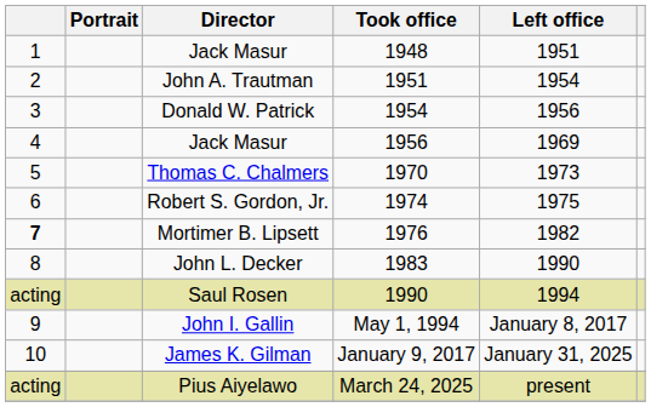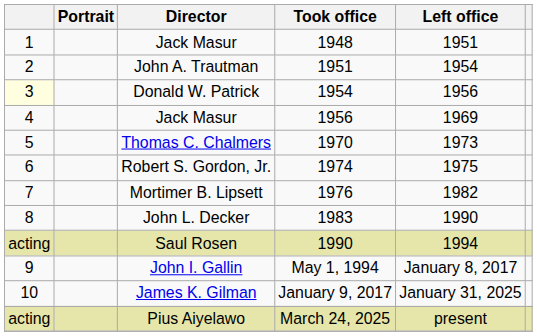 <table class=wikitable style="text-align:center">
 <tr>
 <th></th>
 <th>Portrait</th>
 <th>Director</th>
 <th>Took office</th>
 <th>Left office</th>
 <th></th>
 </tr>
 <tr>
 <td>1</td>
 <td></td>
 <td>Jack Masur</td>
 <td>1948</td>
 <td>1951</td>
 <td></td>
 </tr>
 <tr>
 <td>2</td>
 <td></td>
 <td>John A. Trautman</td>
 <td>1951</td>
 <td>1954</td>
 <td></td>
 </tr>
 <tr>
-<td>3</td>
+<td style="background: lightyellow;">3</td>
 <td></td>
 <td>Donald W. Patrick</td>
 <td>1954</td>
 <td>1956</td>
 <td></td>
 </tr>
 <tr>
 <td>4</td>
 <td></td>
 <td>Jack Masur</td>
 <td>1956</td>
 <td>1969</td>
 <td></td>
 </tr>
 <tr>
 <td>5</td>
 <td></td>
 <td><a href='#'>Thomas C. Chalmers</a></td>
 <td>1970</td>
 <td>1973</td>
 <td></td>
 </tr>
 <tr>
 <td>6</td>
 <td></td>
 <td>Robert S. Gordon, Jr.</td>
 <td>1974</td>
 <td>1975</td>
 <td></td>
 </tr>
 <tr>
-<td><strong>7</strong></td>
+<td>7</td>
 <td></td>
 <td>Mortimer B. Lipsett</td>
 <td>1976</td>
 <td>1982</td>
 <td></td>
 </tr>
 <tr>
 <td>8</td>
 <td></td>
 <td>John L. Decker</td>
 <td>1983</td>
 <td>1990</td>
 <td></td>
 </tr>
 <tr bgcolor="#e6e6aa">
 <td>acting</td>
 <td></td>
 <td>Saul Rosen</td>
 <td>1990</td>
 <td>1994</td>
 <td></td>
 </tr>
 <tr>
 <td>9</td>
 <td></td>
 <td><a href='#'>John I. Gallin</a></td>
 <td>May 1, 1994</td>
 <td>January 8, 2017</td>
 <td></td>
 </tr>
 <tr>
 <td>10</td>
 <td></td>
 <td><a href='#'>James K. Gilman</a></td>
 <td>January 9, 2017</td>
 <td>January 31, 2025</td>
 <td></td>
 </tr>
 <tr>
 </tr>
 <tr bgcolor="#e6e6aa">
 <td>acting</td>
 <td></td>
 <td>Pius Aiyelawo</td>
 <td>March 24, 2025</td>
 <td>present</td>
 <td></td>
 </tr>
 <tr>
 </tr>
 </table>
